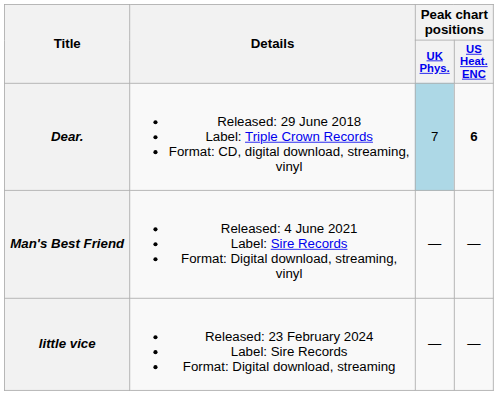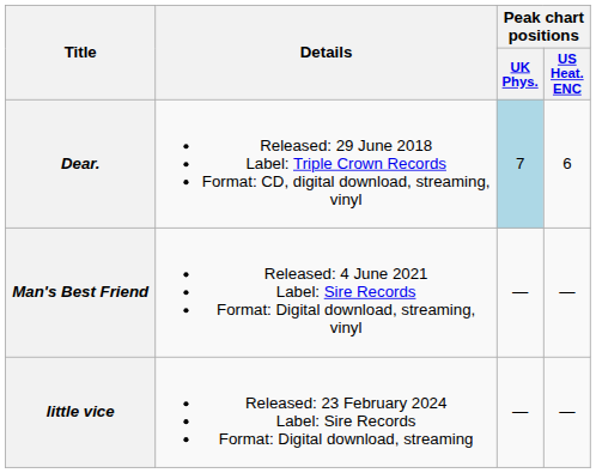 <table class="wikitable plainrowheaders" style="text-align:center">
 <tr>
 <th rowspan="2" scope="col" style="width:9em;">Title</th>
 <th rowspan="2" scope="col" style="width:21em;">Details</th>
 <th colspan="2" scope="col">Peak chart positions</th>
 </tr>
 <tr>
 <th scope="col" style="width:3em;font-size:85%;"><a href='#'>UK<br>Phys.</a><br></th>
 <th scope="col" style="width:3em;font-size:85%;"><a href='#'>US<br>Heat.<br>ENC</a><br></th>
 </tr>
 <tr>
 <th scope="row"><em>Dear.</em></th>
 <td><br><ul><li>Released: 29 June 2018</li><li>Label: <a href='#'>Triple Crown Records</a></li><li>Format: CD, digital download, streaming, vinyl</li></ul></td>
 <td style="background: lightblue;">7</td>
-<td><strong>6</strong></td>
+<td>6</td>
 </tr>
 <tr>
 <th scope="row"><em>Man's Best Friend</em></th>
 <td><br><ul><li>Released: 4 June 2021</li><li>Label: <a href='#'>Sire Records</a></li><li>Format: Digital download, streaming, vinyl</li></ul></td>
 <td>—</td>
 <td>—</td>
 </tr>
 <tr>
 <th scope="row"><em>little vice</em></th>
 <td><br><ul><li>Released: 23 February 2024</li><li>Label: Sire Records</li><li>Format: Digital download, streaming</li></ul></td>
 <td>—</td>
 <td>—</td>
 </tr>
 </table>
